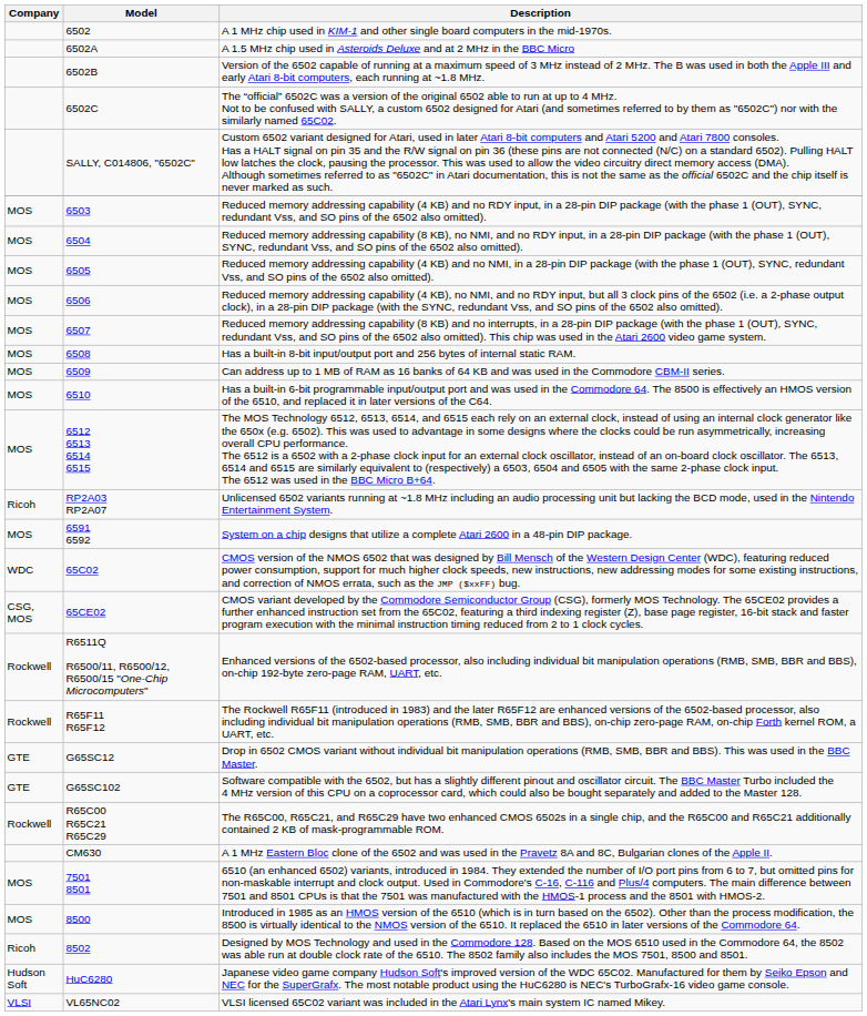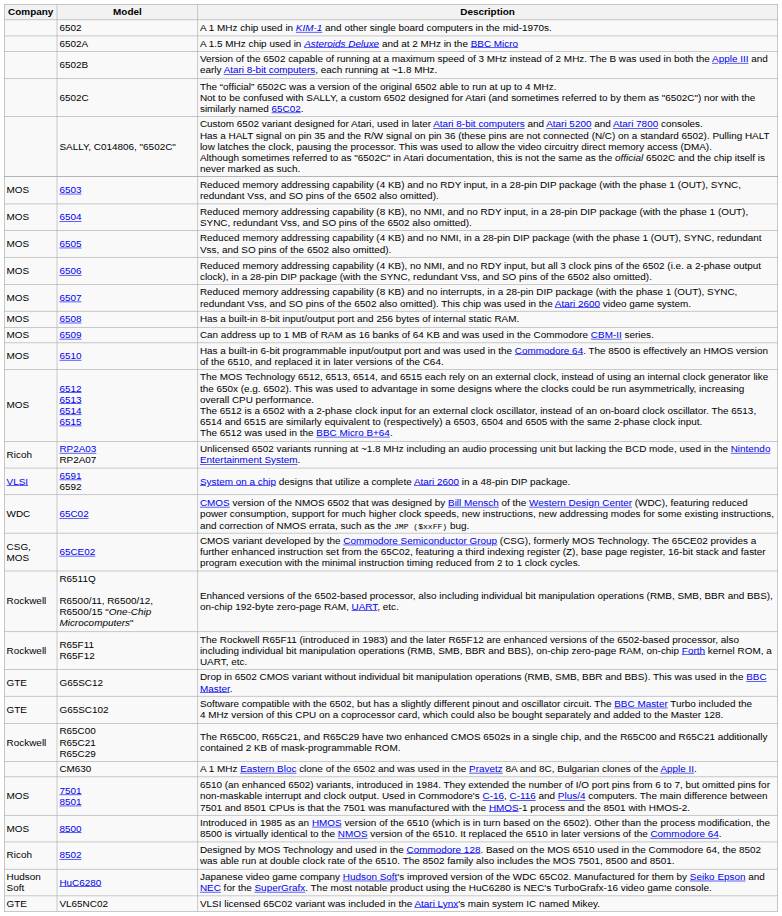 <table class="wikitable sortable">
 <tr>
 <th>Company</th>
 <th>Model</th>
 <th>Description</th>
 </tr>
 <tr>
 <td></td>
 <td data-sort-value="6502">6502</td>
 <td>A 1 MHz chip used in <em><a href='#'>KIM-1</a></em> and other single board computers in the mid-1970s.</td>
 </tr>
 <tr>
 <td></td>
 <td data-sort-value="6502A">6502A</td>
 <td>A 1.5 MHz chip used in <em><a href='#'>Asteroids Deluxe</a></em> and at 2 MHz in the <a href='#'>BBC Micro</a></td>
 </tr>
 <tr>
 <td></td>
 <td data-sort-value="6502B">6502B</td>
 <td>Version of the 6502 capable of running at a maximum speed of 3 MHz instead of 2 MHz. The B was used in both the <a href='#'>Apple III</a> and early <a href='#'>Atari 8-bit computers</a>, each running at ~1.8 MHz.</td>
 </tr>
 <tr>
 <td></td>
 <td data-sort-value="6502C">6502C</td>
 <td>The “official” 6502C was a version of the original 6502 able to run at up to 4 MHz.<br>Not to be confused with SALLY, a custom 6502 designed for Atari (and sometimes referred to by them as "6502C") nor with the similarly named <a href='#'>65C02</a>.</td>
 </tr>
 <tr>
 <td></td>
 <td data-sort-value="SALLY">SALLY, C014806, "6502C"</td>
 <td>Custom 6502 variant designed for Atari, used in later <a href='#'>Atari 8-bit computers</a> and <a href='#'>Atari 5200</a> and <a href='#'>Atari 7800</a> consoles.<br>Has a HALT signal on pin 35 and the R/W signal on pin 36 (these pins are not connected (N/C) on a standard 6502). Pulling HALT low latches the clock, pausing the processor. This was used to allow the video circuitry direct memory access (DMA).<br>Although sometimes referred to as "6502C" in Atari documentation, this is not the same as the <em>official</em> 6502C and the chip itself is never marked as such.</td>
 </tr>
 <tr>
 </tr>
 <tr>
 <td>MOS</td>
 <td data-sort-value="6503"><a href='#'>6503</a></td>
 <td>Reduced memory addressing capability (4 KB) and no RDY input, in a 28-pin DIP package (with the phase 1 (OUT), SYNC, redundant Vss, and SO pins of the 6502 also omitted).</td>
 </tr>
 <tr>
 <td>MOS</td>
 <td data-sort-value="6504"><a href='#'>6504</a></td>
 <td>Reduced memory addressing capability (8 KB), no NMI, and no RDY input, in a 28-pin DIP package (with the phase 1 (OUT), SYNC, redundant Vss, and SO pins of the 6502 also omitted).</td>
 </tr>
 <tr>
 <td>MOS</td>
 <td data-sort-value="6505"><a href='#'>6505</a></td>
 <td>Reduced memory addressing capability (4 KB) and no NMI, in a 28-pin DIP package (with the phase 1 (OUT), SYNC, redundant Vss, and SO pins of the 6502 also omitted).</td>
 </tr>
 <tr>
 <td>MOS</td>
 <td data-sort-value="6506"><a href='#'>6506</a></td>
 <td>Reduced memory addressing capability (4 KB), no NMI, and no RDY input, but all 3 clock pins of the 6502 (i.e. a 2-phase output clock), in a 28-pin DIP package (with the SYNC, redundant Vss, and SO pins of the 6502 also omitted).</td>
 </tr>
 <tr>
 <td>MOS</td>
 <td data-sort-value="6507"><a href='#'>6507</a></td>
 <td>Reduced memory addressing capability (8 KB) and no interrupts, in a 28-pin DIP package (with the phase 1 (OUT), SYNC, redundant Vss, and SO pins of the 6502 also omitted). This chip was used in the <a href='#'>Atari 2600</a> video game system.</td>
 </tr>
 <tr>
 <td>MOS</td>
 <td data-sort-value="6508"><a href='#'>6508</a></td>
 <td>Has a built-in 8-bit input/output port and 256 bytes of internal static RAM.</td>
 </tr>
 <tr>
 <td>MOS</td>
 <td data-sort-value="6509"><a href='#'>6509</a></td>
 <td>Can address up to 1 MB of RAM as 16 banks of 64 KB and was used in the Commodore <a href='#'>CBM-II</a> series.</td>
 </tr>
 <tr>
 <td>MOS</td>
 <td data-sort-value="6510"><a href='#'>6510</a></td>
 <td>Has a built-in 6-bit programmable input/output port and was used in the <a href='#'>Commodore 64</a>. The 8500 is effectively an HMOS version of the 6510, and replaced it in later versions of the C64.</td>
 </tr>
 <tr>
 <td>MOS</td>
 <td data-sort-value="6512"><a href='#'>6512</a><br><a href='#'>6513</a><br><a href='#'>6514</a><br><a href='#'>6515</a></td>
 <td>The MOS Technology 6512, 6513, 6514, and 6515 each rely on an external clock, instead of using an internal clock generator like the 650x (e.g. 6502). This was used to advantage in some designs where the clocks could be run asymmetrically, increasing overall CPU performance.<br>The 6512 is a 6502 with a 2-phase clock input for an external clock oscillator, instead of an on-board clock oscillator. The 6513, 6514 and 6515 are similarly equivalent to (respectively) a 6503, 6504 and 6505 with the same 2-phase clock input.<br>The 6512 was used in the <a href='#'>BBC Micro B+64</a>.</td>
 </tr>
 <tr>
 <td>Ricoh</td>
 <td data-sort-value="RP2A03"><a href='#'>RP2A03</a><br>RP2A07</td>
 <td>Unlicensed 6502 variants running at ~1.8 MHz including an audio processing unit but lacking the BCD mode, used in the <a href='#'>Nintendo Entertainment System</a>.</td>
 </tr>
 <tr>
-<td>MOS</td>
+<td><a href='#'>VLSI</a></td>
 <td data-sort-value="6591"><a href='#'>6591</a><br>6592</td>
 <td><a href='#'>System on a chip</a> designs that utilize a complete <a href='#'>Atari 2600</a> in a 48-pin DIP package.</td>
 </tr>
 <tr>
 <td>WDC</td>
 <td data-sort-value="65C02"><a href='#'>65C02</a></td>
 <td><a href='#'>CMOS</a> version of the NMOS 6502 that was designed by <a href='#'>Bill Mensch</a> of the <a href='#'>Western Design Center</a> (WDC), featuring reduced power consumption, support for much higher clock speeds, new instructions, new addressing modes for some existing instructions, and correction of NMOS errata, such as the <code>JMP ($xxFF)</code> bug.</td>
 </tr>
 <tr>
 <td data-sort-value="MOS Technology">CSG, MOS</td>
 <td data-sort-value="65CE02"><a href='#'>65CE02</a></td>
 <td>CMOS variant developed by the <a href='#'>Commodore Semiconductor Group</a> (CSG), formerly MOS Technology.  The 65CE02 provides a further enhanced instruction set from the 65C02, featuring a third indexing register (Z), base page register, 16-bit stack and faster program execution with the minimal instruction timing reduced from 2 to 1 clock cycles.</td>
 </tr>
 <tr>
 <td>Rockwell</td>
 <td data-sort-value="R6511Q">R6511Q<br><br>R6500/11, R6500/12, R6500/15 "<em>One-Chip Microcomputers</em>"</td>
 <td>Enhanced versions of the 6502-based processor, also including individual bit manipulation operations (RMB, SMB, BBR and BBS), on-chip 192-byte zero-page RAM, <a href='#'>UART</a>, etc.</td>
 </tr>
 <tr>
 <td>Rockwell</td>
 <td>R65F11<br>R65F12</td>
 <td>The Rockwell R65F11 (introduced in 1983) and the later R65F12 are enhanced versions of the 6502-based processor, also including individual bit manipulation operations (RMB, SMB, BBR and BBS), on-chip zero-page RAM, on-chip <a href='#'>Forth</a> kernel ROM, a UART, etc.</td>
 </tr>
 <tr>
 <td>GTE</td>
 <td data-sort-value="G65SC12">G65SC12</td>
 <td>Drop in 6502 CMOS variant without individual bit manipulation operations (RMB, SMB, BBR and BBS).  This was used in the <a href='#'>BBC Master</a>.</td>
 </tr>
 <tr>
 <td>GTE</td>
 <td data-sort-value="G65SC102">G65SC102</td>
 <td>Software compatible with the 6502, but has a slightly different pinout and oscillator circuit. The <a href='#'>BBC Master</a> Turbo included the 4 MHz version of this CPU on a coprocessor card, which could also be bought separately and added to the Master 128.</td>
 </tr>
 <tr>
 <td>Rockwell</td>
 <td>R65C00<br>R65C21<br>R65C29</td>
 <td>The R65C00, R65C21, and R65C29 have two enhanced CMOS 6502s in a single chip, and the R65C00 and R65C21 additionally contained 2 KB of mask-programmable ROM.</td>
 </tr>
 <tr>
 <td></td>
 <td data-sort-value="CM630">CM630</td>
 <td>A 1 MHz <a href='#'>Eastern Bloc</a> clone of the 6502 and was used in the <a href='#'>Pravetz</a> 8A and 8C, Bulgarian clones of the <a href='#'>Apple II</a>.</td>
 </tr>
 <tr>
 <td>MOS</td>
 <td data-sort-value="7501"><a href='#'>7501</a><br><a href='#'>8501</a></td>
 <td>6510 (an enhanced 6502) variants, introduced in 1984. They extended the number of I/O port pins from 6 to 7, but omitted pins for non-maskable interrupt and clock output. Used in Commodore's <a href='#'>C-16</a>, <a href='#'>C-116</a> and <a href='#'>Plus/4</a> computers. The main difference between 7501 and 8501 CPUs is that the 7501 was manufactured with the <a href='#'>HMOS</a>-1 process and the 8501 with HMOS-2.</td>
 </tr>
 <tr>
 <td>MOS</td>
 <td data-sort-value="8500"><a href='#'>8500</a></td>
 <td>Introduced in 1985 as an <a href='#'>HMOS</a> version of the 6510 (which is in turn based on the 6502). Other than the process modification, the 8500 is virtually identical to the <a href='#'>NMOS</a> version of the 6510. It replaced the 6510 in later versions of the <a href='#'>Commodore 64</a>.</td>
 </tr>
 <tr>
 <td>Ricoh</td>
 <td data-sort-value="8502"><a href='#'>8502</a></td>
 <td>Designed by MOS Technology and used in the <a href='#'>Commodore 128</a>. Based on the MOS 6510 used in the Commodore 64, the 8502 was able run at double clock rate of the 6510. The 8502 family also includes the MOS 7501, 8500 and 8501.</td>
 </tr>
 <tr>
 <td>Hudson Soft</td>
 <td data-sort-value="HuC6280"><a href='#'>HuC6280</a></td>
 <td>Japanese video game company <a href='#'>Hudson Soft</a>'s improved version of the WDC 65C02. Manufactured for them by <a href='#'>Seiko Epson</a> and <a href='#'>NEC</a> for the <a href='#'>SuperGrafx</a>. The most notable product using the HuC6280 is NEC's TurboGrafx-16 video game console.</td>
 </tr>
 <tr>
-<td><a href='#'>VLSI</a></td>
+<td>GTE</td>
 <td data-sort-value="VL65NC02">VL65NC02</td>
 <td>VLSI licensed 65C02 variant was included in the <a href='#'>Atari Lynx</a>'s main system IC named Mikey.</td>
 </tr>
 </table>
